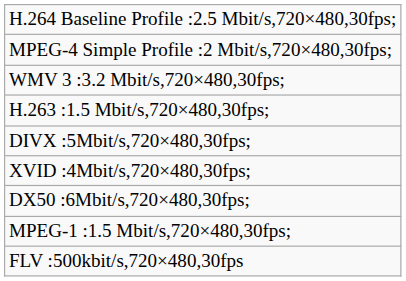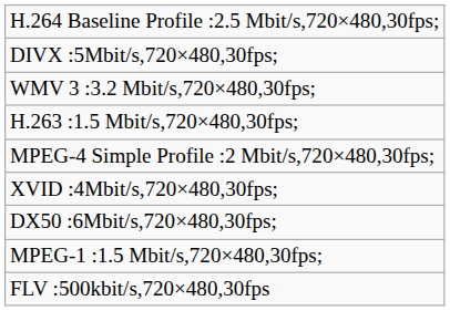 <table class="wikitable">
 <tr>
 <td>H.264 Baseline Profile :2.5 Mbit/s,720×480,30fps;</td>
 </tr>
 <tr>
-<td>MPEG-4 Simple Profile :2 Mbit/s,720×480,30fps;</td>
+<td>DIVX :5Mbit/s,720×480,30fps;</td>
 </tr>
 <tr>
 <td>WMV 3 :3.2 Mbit/s,720×480,30fps;</td>
 </tr>
 <tr>
 <td>H.263 :1.5 Mbit/s,720×480,30fps;</td>
 </tr>
 <tr>
-<td>DIVX :5Mbit/s,720×480,30fps;</td>
+<td>MPEG-4 Simple Profile :2 Mbit/s,720×480,30fps;</td>
 </tr>
 <tr>
 <td>XVID :4Mbit/s,720×480,30fps;</td>
 </tr>
 <tr>
 <td>DX50 :6Mbit/s,720×480,30fps;</td>
 </tr>
 <tr>
 <td>MPEG-1 :1.5 Mbit/s,720×480,30fps;</td>
 </tr>
 <tr>
 <td>FLV :500kbit/s,720×480,30fps</td>
 </tr>
 </table>
